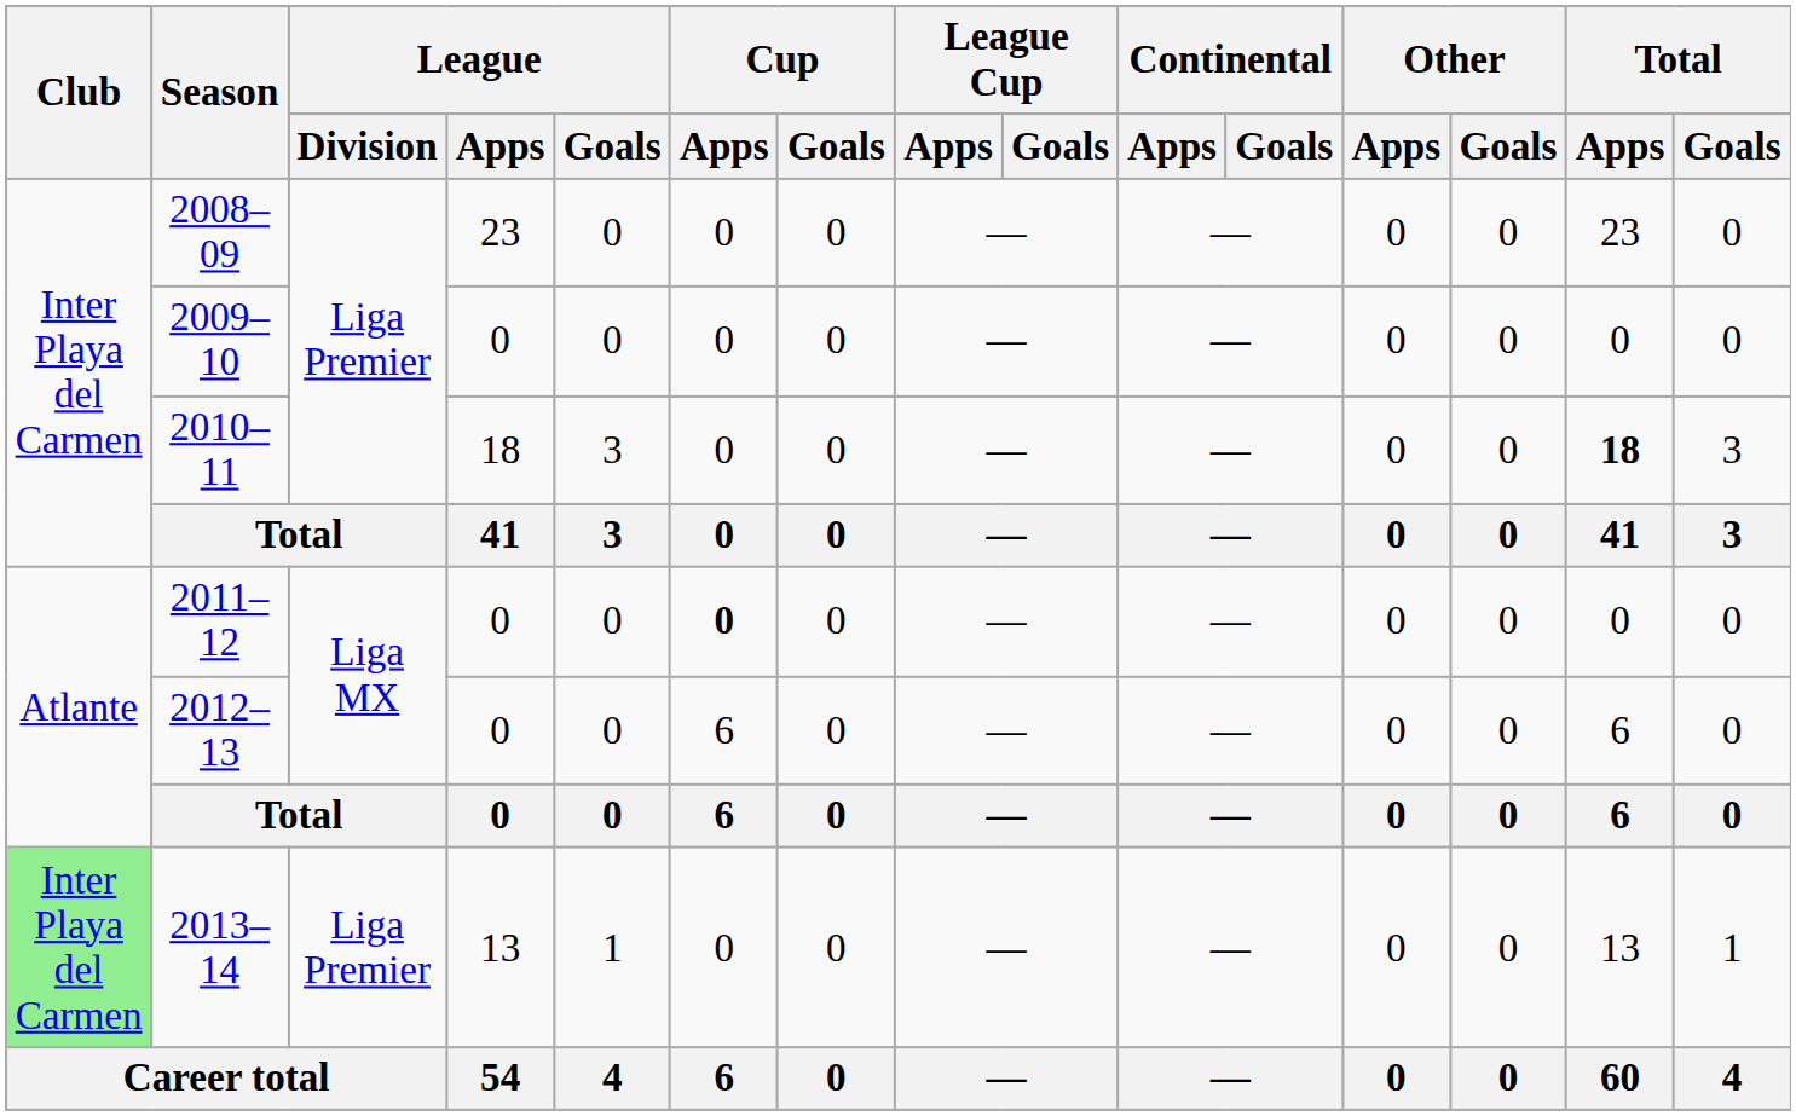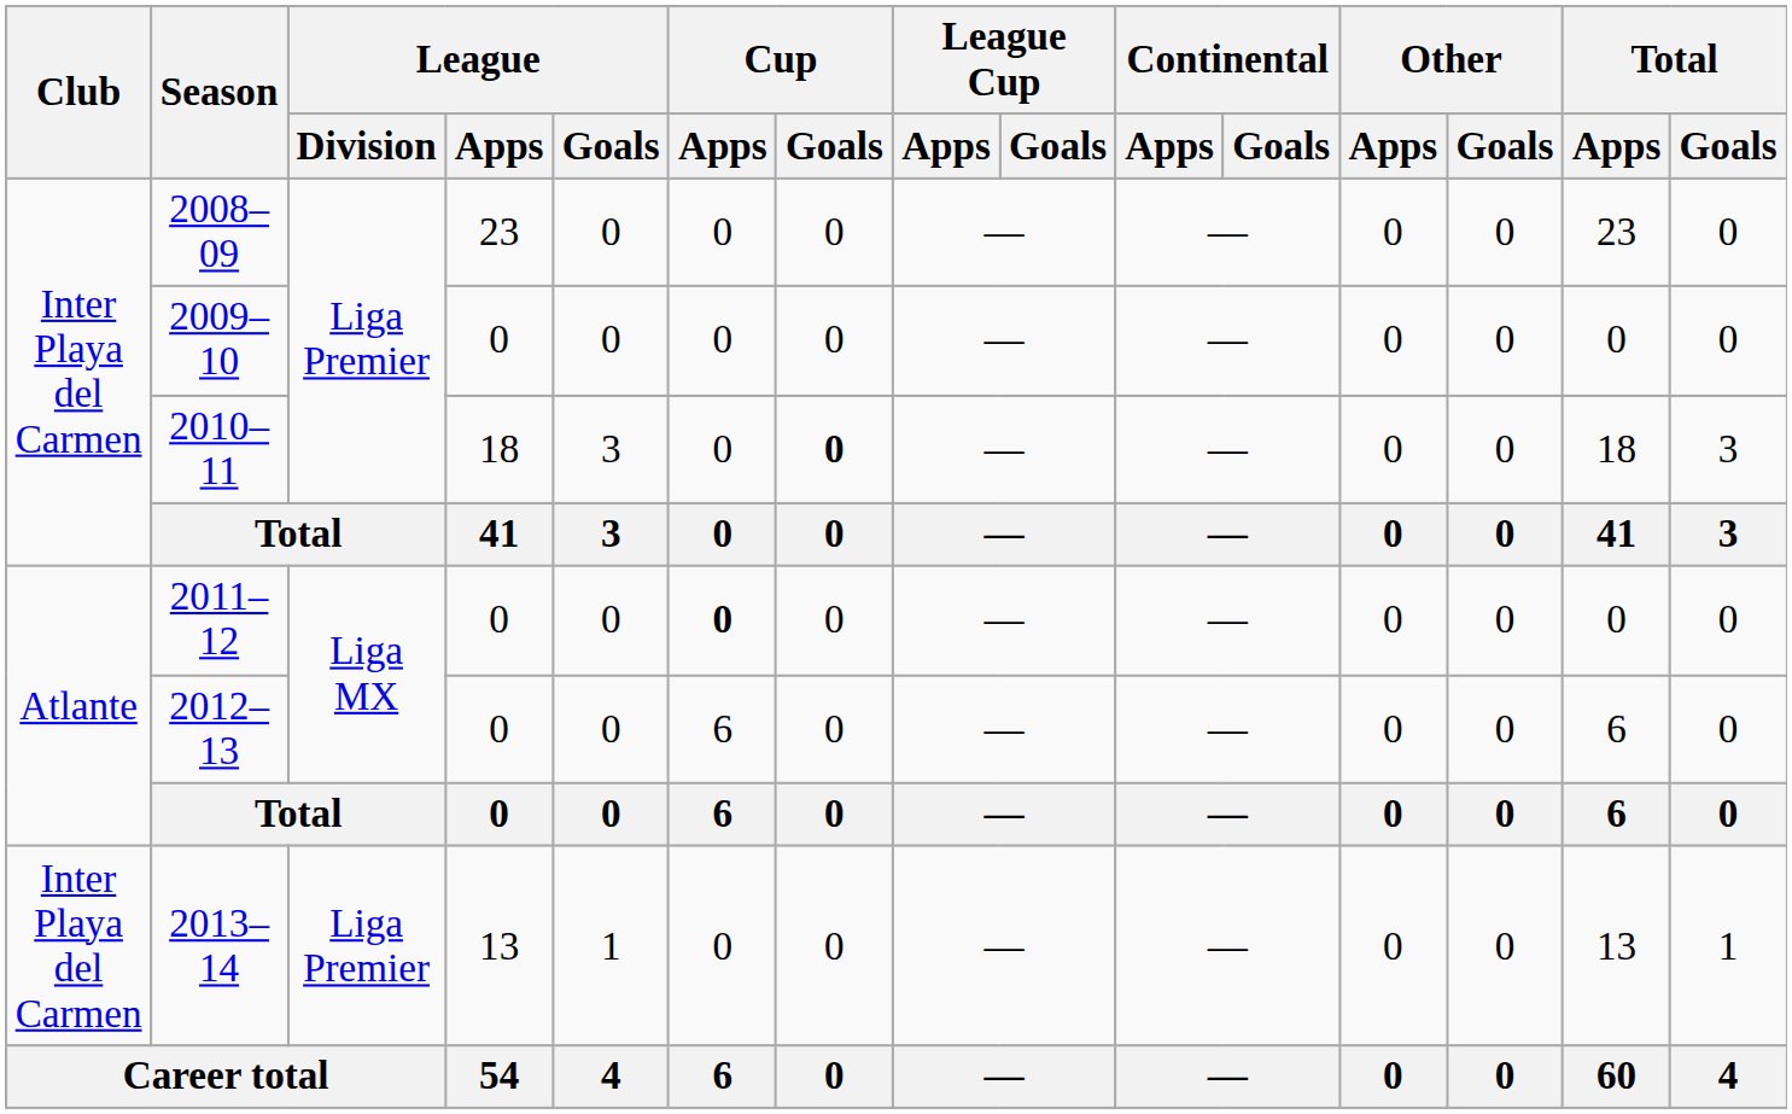 <table class="wikitable" style="text-align:center">
 <tr>
 <th rowspan="2">Club</th>
 <th rowspan="2">Season</th>
 <th colspan="3">League</th>
 <th colspan="2">Cup</th>
 <th colspan="2">League Cup</th>
 <th colspan="2">Continental</th>
 <th colspan="2">Other</th>
 <th colspan="2">Total</th>
 </tr>
 <tr>
 <th>Division</th>
 <th>Apps</th>
 <th>Goals</th>
 <th>Apps</th>
 <th>Goals</th>
 <th>Apps</th>
 <th>Goals</th>
 <th>Apps</th>
 <th>Goals</th>
 <th>Apps</th>
 <th>Goals</th>
 <th>Apps</th>
 <th>Goals</th>
 </tr>
 <tr>
 <td rowspan="4"><a href='#'>Inter Playa del Carmen</a></td>
 <td><a href='#'>2008–09</a></td>
 <td rowspan="3"><a href='#'>Liga Premier</a></td>
 <td>23</td>
 <td>0</td>
 <td>0</td>
 <td>0</td>
 <td colspan="2">—</td>
 <td colspan="2">—</td>
 <td>0</td>
 <td>0</td>
 <td>23</td>
 <td>0</td>
 </tr>
 <tr>
 <td><a href='#'>2009–10</a></td>
 <td>0</td>
 <td>0</td>
 <td>0</td>
 <td>0</td>
 <td colspan="2">—</td>
 <td colspan="2">—</td>
 <td>0</td>
 <td>0</td>
 <td>0</td>
 <td>0</td>
 </tr>
 <tr>
 <td><a href='#'>2010–11</a></td>
 <td>18</td>
 <td>3</td>
 <td>0</td>
-<td>0</td>
+<td><strong>0</strong></td>
 <td colspan="2">—</td>
 <td colspan="2">—</td>
 <td>0</td>
 <td>0</td>
-<td><strong>18</strong></td>
+<td>18</td>
 <td>3</td>
 </tr>
 <tr>
 <th colspan="2">Total</th>
 <th>41</th>
 <th>3</th>
 <th>0</th>
 <th>0</th>
 <th colspan="2">—</th>
 <th colspan="2">—</th>
 <th>0</th>
 <th>0</th>
 <th>41</th>
 <th>3</th>
 </tr>
 <tr>
 <td rowspan="3"><a href='#'>Atlante</a></td>
 <td><a href='#'>2011–12</a></td>
 <td rowspan="2"><a href='#'>Liga MX</a></td>
 <td>0</td>
 <td>0</td>
 <td><strong>0</strong></td>
 <td>0</td>
 <td colspan="2">—</td>
 <td colspan="2">—</td>
 <td>0</td>
 <td>0</td>
 <td>0</td>
 <td>0</td>
 </tr>
 <tr>
 <td><a href='#'>2012–13</a></td>
 <td>0</td>
 <td>0</td>
 <td>6</td>
 <td>0</td>
 <td colspan="2">—</td>
 <td colspan="2">—</td>
 <td>0</td>
 <td>0</td>
 <td>6</td>
 <td>0</td>
 </tr>
 <tr>
 <th colspan="2">Total</th>
 <th>0</th>
 <th>0</th>
 <th>6</th>
 <th>0</th>
 <th colspan="2">—</th>
 <th colspan="2">—</th>
 <th>0</th>
 <th>0</th>
 <th>6</th>
 <th>0</th>
 </tr>
 <tr>
-<td rowspan="1" style="background: lightgreen;"><a href='#'>Inter Playa del Carmen</a></td>
+<td rowspan="1"><a href='#'>Inter Playa del Carmen</a></td>
 <td><a href='#'>2013–14</a></td>
 <td rowspan="1"><a href='#'>Liga Premier</a></td>
 <td>13</td>
 <td>1</td>
 <td>0</td>
 <td>0</td>
 <td colspan="2">—</td>
 <td colspan="2">—</td>
 <td>0</td>
 <td>0</td>
 <td>13</td>
 <td>1</td>
 </tr>
 <tr>
 <th colspan="3">Career total</th>
 <th>54</th>
 <th>4</th>
 <th>6</th>
 <th>0</th>
 <th colspan="2">—</th>
 <th colspan="2">—</th>
 <th>0</th>
 <th>0</th>
 <th>60</th>
 <th>4</th>
 </tr>
 </table>
